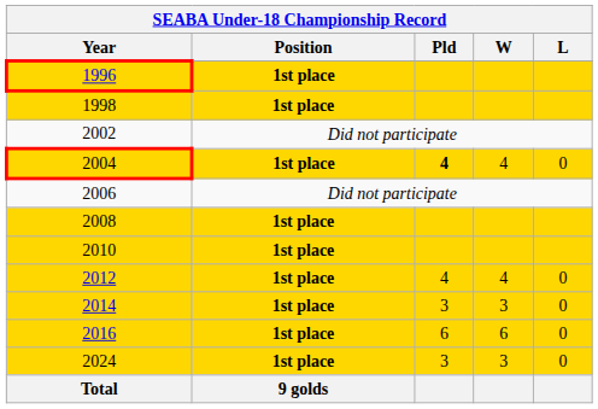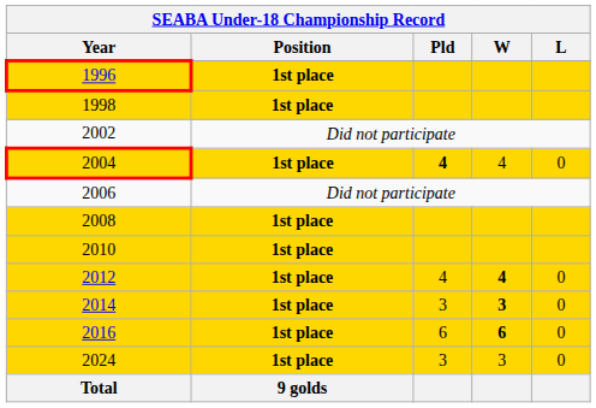 <table class="wikitable collapsible autocollapse" style="text-align: center; font-size:95%;" width=60%>
 <tr>
 <th colspan=9><a href='#'>SEABA Under-18 Championship Record</a></th>
 </tr>
 <tr>
 <th width=25%>Year</th>
 <th width=30%>Position</th>
 <th width=8%>Pld</th>
 <th width=8%>W</th>
 <th width=8%>L</th>
 </tr>
 <tr>
 </tr>
 <tr bgcolor=gold>
 <td style="border: 3px solid red"> <a href='#'>1996</a></td>
 <td><strong>1st place</strong></td>
 <td></td>
 <td></td>
 <td></td>
 </tr>
 <tr bgcolor=gold>
 <td> 1998</td>
 <td><strong>1st place</strong></td>
 <td></td>
 <td></td>
 <td></td>
 </tr>
 <tr>
 <td> 2002</td>
 <td colspan=4><em>Did not participate</em></td>
 </tr>
 <tr bgcolor=gold>
 <td style="border: 3px solid red"> 2004</td>
 <td><strong>1st place</strong></td>
 <td><strong>4</strong></td>
 <td>4</td>
 <td>0</td>
 </tr>
 <tr>
 <td> 2006</td>
 <td colspan=4><em>Did not participate</em></td>
 </tr>
 <tr bgcolor=gold>
 <td> 2008</td>
 <td><strong>1st place</strong></td>
 <td></td>
 <td></td>
 <td></td>
 </tr>
 <tr bgcolor=gold>
 <td> 2010</td>
 <td><strong>1st place</strong></td>
 <td></td>
 <td></td>
 <td></td>
 </tr>
 <tr bgcolor=gold>
 <td> <a href='#'>2012</a></td>
 <td><strong>1st place</strong></td>
 <td>4</td>
-<td>4</td>
+<td><strong>4</strong></td>
 <td>0</td>
 </tr>
 <tr bgcolor=gold>
 <td> <a href='#'>2014</a></td>
 <td><strong>1st place</strong></td>
 <td>3</td>
-<td>3</td>
+<td><strong>3</strong></td>
 <td>0</td>
 </tr>
 <tr bgcolor=gold>
 <td> <a href='#'>2016</a></td>
 <td><strong>1st place</strong></td>
 <td>6</td>
-<td>6</td>
+<td><strong>6</strong></td>
 <td>0</td>
 </tr>
 <tr bgcolor=gold>
 <td> 2024</td>
 <td><strong>1st place</strong></td>
 <td>3</td>
 <td>3</td>
 <td>0</td>
 </tr>
 <tr>
 <th><strong>Total</strong></th>
 <th>9 golds</th>
 <th></th>
 <th></th>
 <th></th>
 </tr>
 </table>
